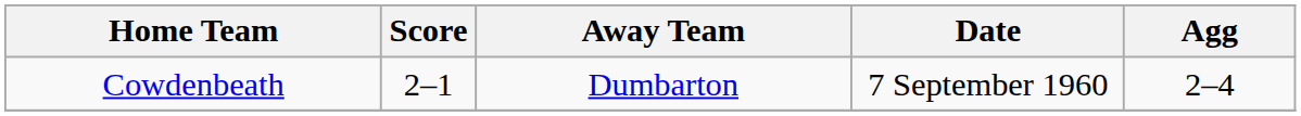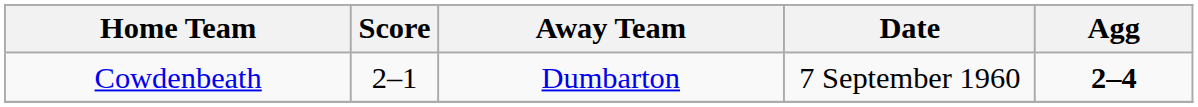 <table class="wikitable" style="text-align:center;">
 <tr>
 <th width=175>Home Team</th>
 <th width=20>Score</th>
 <th width=175>Away Team</th>
 <th width= 125>Date</th>
 <th width= 75>Agg</th>
 </tr>
 <tr>
 <td><a href='#'>Cowdenbeath</a></td>
 <td>2–1</td>
 <td><a href='#'>Dumbarton</a></td>
 <td>7 September 1960</td>
-<td>2–4</td>
+<td><strong>2–4</strong></td>
 </tr>
 <tr>
 </tr>
 </table>
